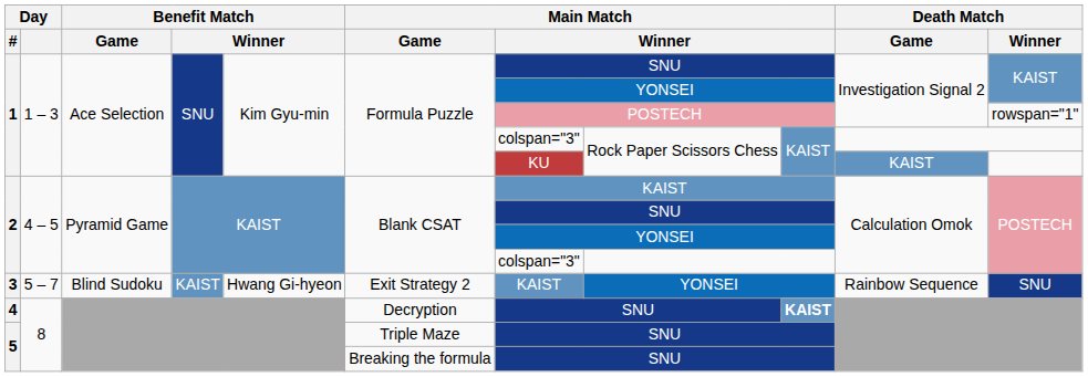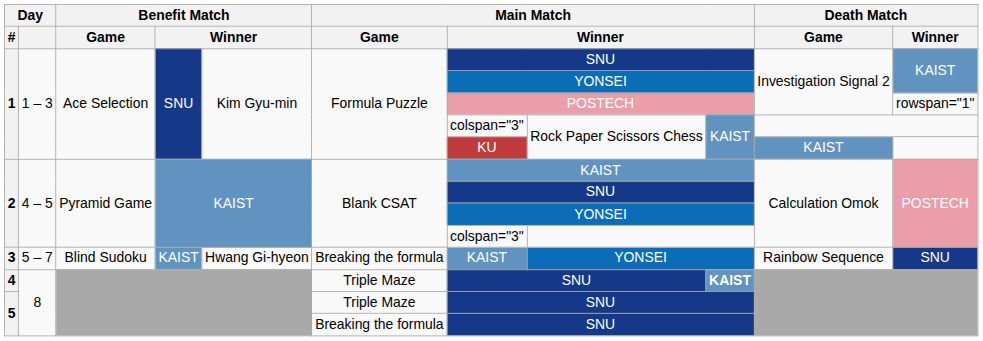 <table class="wikitable" style="text-align:center">
 <tr>
 <th scope="col" colspan="2">Day</th>
 <th scope="col" colspan="3">Benefit Match</th>
 <th scope="col" colspan="4">Main Match</th>
 <th scope="col" colspan="2">Death Match</th>
 </tr>
 <tr>
 <th scope="col">#</th>
 <th scope="col"></th>
 <th scope="col">Game</th>
 <th scope="col" colspan="2">Winner</th>
 <th scope="col">Game</th>
 <th scope="col" colspan="3">Winner</th>
 <th scope="col">Game</th>
 <th scope="col" colspan="">Winner</th>
 </tr>
 <tr>
 <th scope="row" rowspan="5">1</th>
 <td rowspan="5">1 – 3</td>
 <td rowspan="5">Ace Selection</td>
 <td rowspan="5" style="background-color:#153888; color:white">SNU</td>
 <td rowspan="5">Kim Gyu-min</td>
 <td rowspan="5">Formula Puzzle</td>
 <td colspan="3" style="background-color:#153888; color:white">SNU</td>
 <td rowspan="3">Investigation Signal 2</td>
 <td rowspan="2" style="background-color:#6093BF; color:white">KAIST</td>
 </tr>
 <tr>
 <td colspan="3" style="background-color:#0B6DB7; color:white">YONSEI</td>
 </tr>
 <tr>
 <td colspan="3" style="background-color:#E99EA8; color:white">POSTECH</td>
 <td>rowspan="1"  </td>
 </tr>
 <tr>
 <td>colspan="3"  </td>
 <td rowspan="2">Rock Paper Scissors Chess</td>
 <td rowspan="2" style="background-color:#6093BF; color:white">KAIST</td>
 </tr>
 <tr>
 <td style="background-color:#BF3B3C; color:white">KU</td>
 <td style="background-color:#6093BF; color:white">KAIST</td>
 <td> </td>
 </tr>
 <tr>
 <th scope="row" rowspan="4">2</th>
 <td rowspan="4">4 – 5</td>
 <td rowspan="4">Pyramid Game</td>
 <td colspan="2" rowspan="4" style="background-color:#6093BF; color:white">KAIST</td>
 <td rowspan="4">Blank CSAT</td>
 <td colspan="3" style="background-color:#6093BF; color:white">KAIST</td>
 <td rowspan="4">Calculation Omok</td>
 <td rowspan="4" style="background-color:#E99EA8; color:white">POSTECH</td>
 </tr>
 <tr>
 <td colspan="3" style="background-color:#153888; color:white">SNU</td>
 </tr>
 <tr>
 <td colspan="3" style="background-color:#0B6DB7; color:white">YONSEI</td>
 </tr>
 <tr>
 <td>colspan="3"  </td>
 </tr>
 <tr>
 <th scope="row">3</th>
 <td>5 – 7</td>
 <td>Blind Sudoku</td>
 <td style="background-color:#6093BF; color:white">KAIST</td>
 <td>Hwang Gi-hyeon</td>
-<td>Exit Strategy 2</td>
+<td>Breaking the formula</td>
 <td style="background-color:#6093BF; color:white">KAIST</td>
 <td colspan="2" style="background-color:#0B6DB7; color:white">YONSEI</td>
 <td>Rainbow Sequence</td>
 <td style="background-color:#153888; color:white">SNU</td>
 </tr>
 <tr>
 <th scope="row">4</th>
 <td rowspan="3">8</td>
 <td colspan="3" rowspan="3" style="background-color:darkgrey"></td>
-<td>Decryption</td>
+<td>Triple Maze</td>
 <td colspan="2" style="background-color:#153888; color:white">SNU</td>
 <td style="background-color:#6093BF; color:white"><strong>KAIST</strong></td>
 <td colspan="2" rowspan="3" style="background-color:darkgrey"></td>
 </tr>
 <tr>
 <th scope="row" rowspan="2">5</th>
 <td>Triple Maze</td>
 <td colspan="3" style="background-color:#153888; color:white">SNU</td>
 </tr>
 <tr>
 <td>Breaking the formula</td>
 <td colspan="3" style="background-color:#153888; color:white">SNU</td>
 </tr>
 </table>
